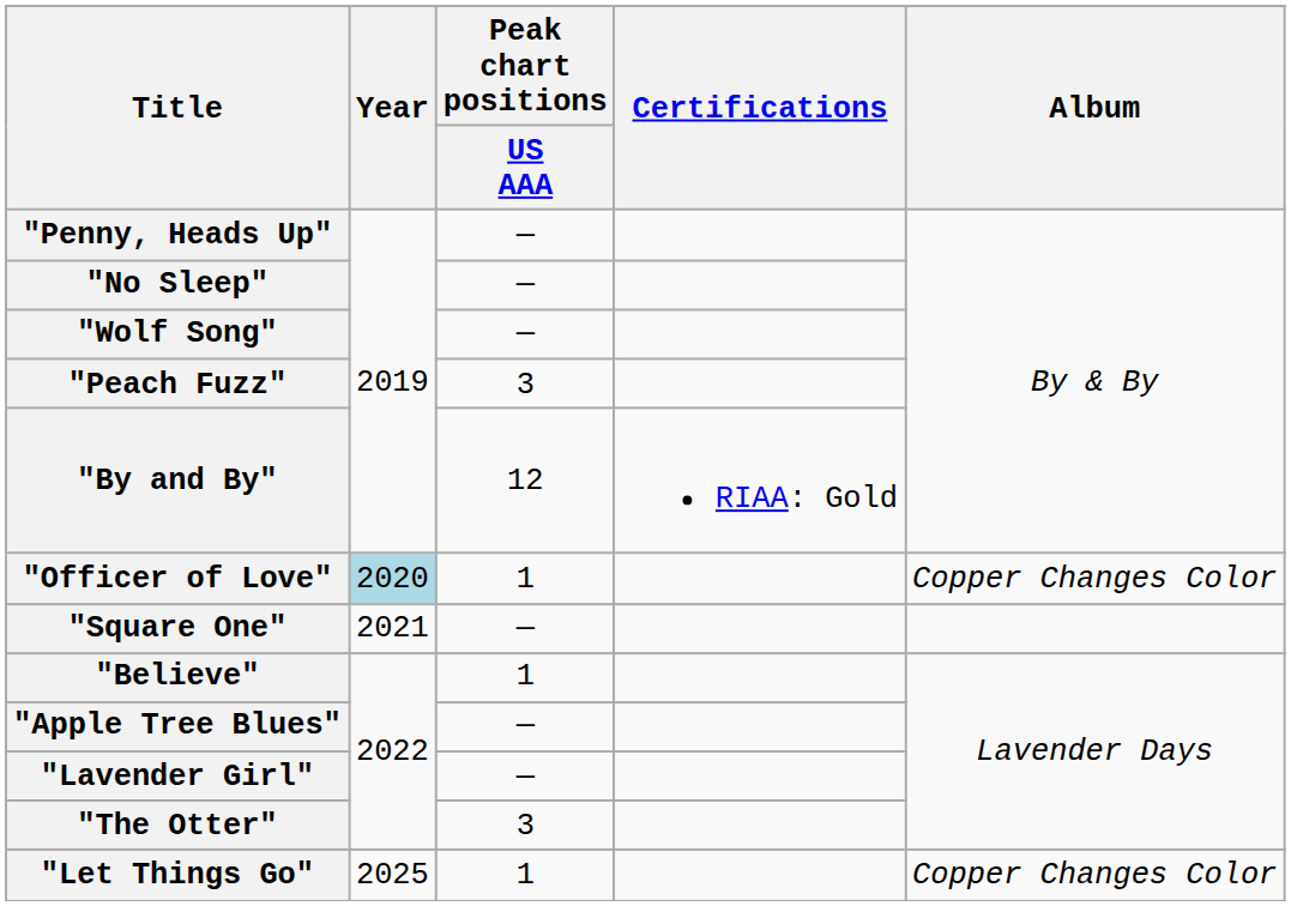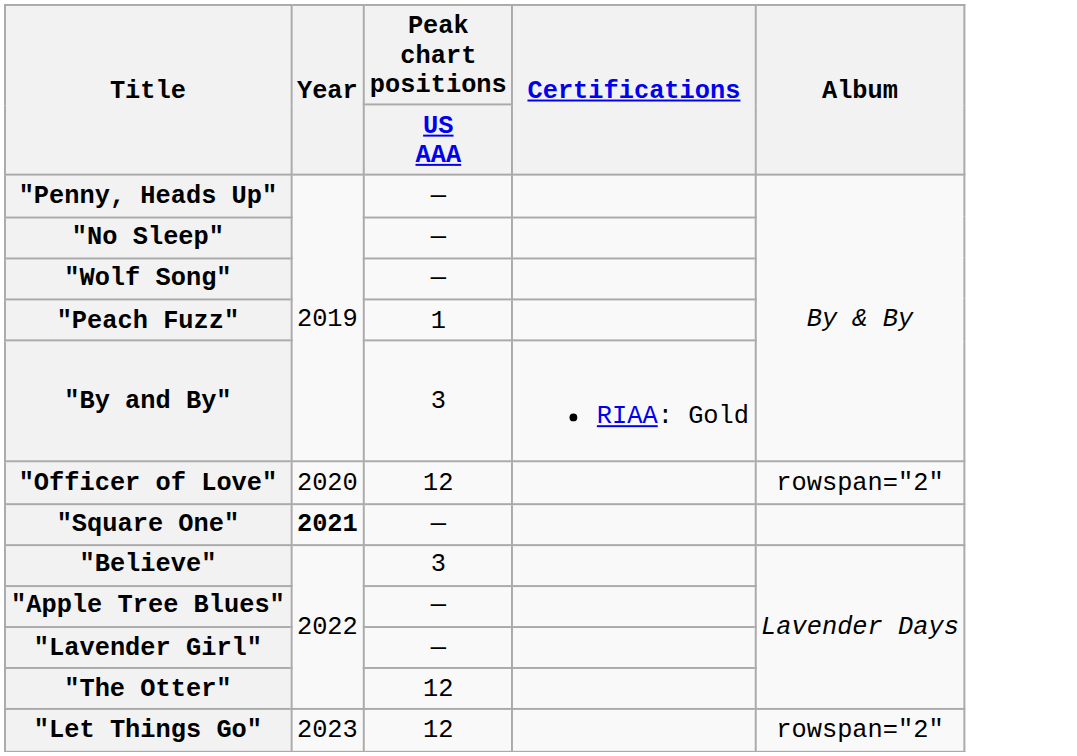 <table class="wikitable plainrowheaders" style="text-align:center;">
 <tr>
 <th rowspan="2">Title</th>
 <th rowspan="2">Year</th>
 <th colspan="1">Peak<br>chart<br>positions</th>
 <th rowspan="2"><a href='#'>Certifications</a></th>
 <th rowspan="2">Album</th>
 </tr>
 <tr>
 <th><a href='#'>US<br>AAA</a><br></th>
 </tr>
 <tr>
 <th scope="row">"Penny, Heads Up"</th>
 <td rowspan="5">2019</td>
 <td align="center">—</td>
 <td></td>
 <td rowspan="5" align="center"><em>By & By</em></td>
 </tr>
 <tr>
 <th scope="row">"No Sleep"</th>
 <td align="center">—</td>
 <td></td>
 </tr>
 <tr>
 <th scope="row">"Wolf Song"</th>
 <td align="center">—</td>
 <td></td>
 </tr>
 <tr>
 <th scope="row">"Peach Fuzz"</th>
-<td>3</td>
+<td align="center">1</td>
 <td></td>
 </tr>
 <tr>
 <th scope="row">"By and By"</th>
-<td align="center">12</td>
+<td>3</td>
 <td><br><ul><li><a href='#'>RIAA</a>: Gold</li></ul></td>
 </tr>
 <tr>
 <th scope="row">"Officer of Love"</th>
-<td rowspan="1" style="background: lightblue;">2020</td>
-<td align="center">1</td>
+<td rowspan="1">2020</td>
+<td align="center">12</td>
 <td></td>
-<td rowspan="1"><em>Copper Changes Color</em></td>
+<td>rowspan="2" </td>
 </tr>
 <tr>
 <th scope="row">"Square One"</th>
-<td rowspan="1">2021</td>
+<td rowspan="1"><strong>2021</strong></td>
 <td align="center">—</td>
 <td></td>
 </tr>
 <tr>
 <th scope="row">"Believe"</th>
 <td rowspan="4">2022</td>
-<td align="center">1</td>
+<td>3</td>
 <td></td>
 <td rowspan="4"><em>Lavender Days</em></td>
 </tr>
 <tr>
 <th scope="row">"Apple Tree Blues"</th>
 <td>—</td>
 <td></td>
 </tr>
 <tr>
 <th scope="row">"Lavender Girl"</th>
 <td>—</td>
 <td></td>
 </tr>
 <tr>
 <th scope="row">"The Otter"</th>
-<td>3</td>
+<td align="center">12</td>
 <td></td>
 </tr>
 <tr>
 <th scope="row">"Let Things Go"</th>
-<td>2025</td>
-<td>1</td>
+<td>2023</td>
+<td align="center">12</td>
 <td></td>
-<td rowspan="1"><em>Copper Changes Color</em></td>
+<td>rowspan="2" </td>
 </tr>
 </table>
